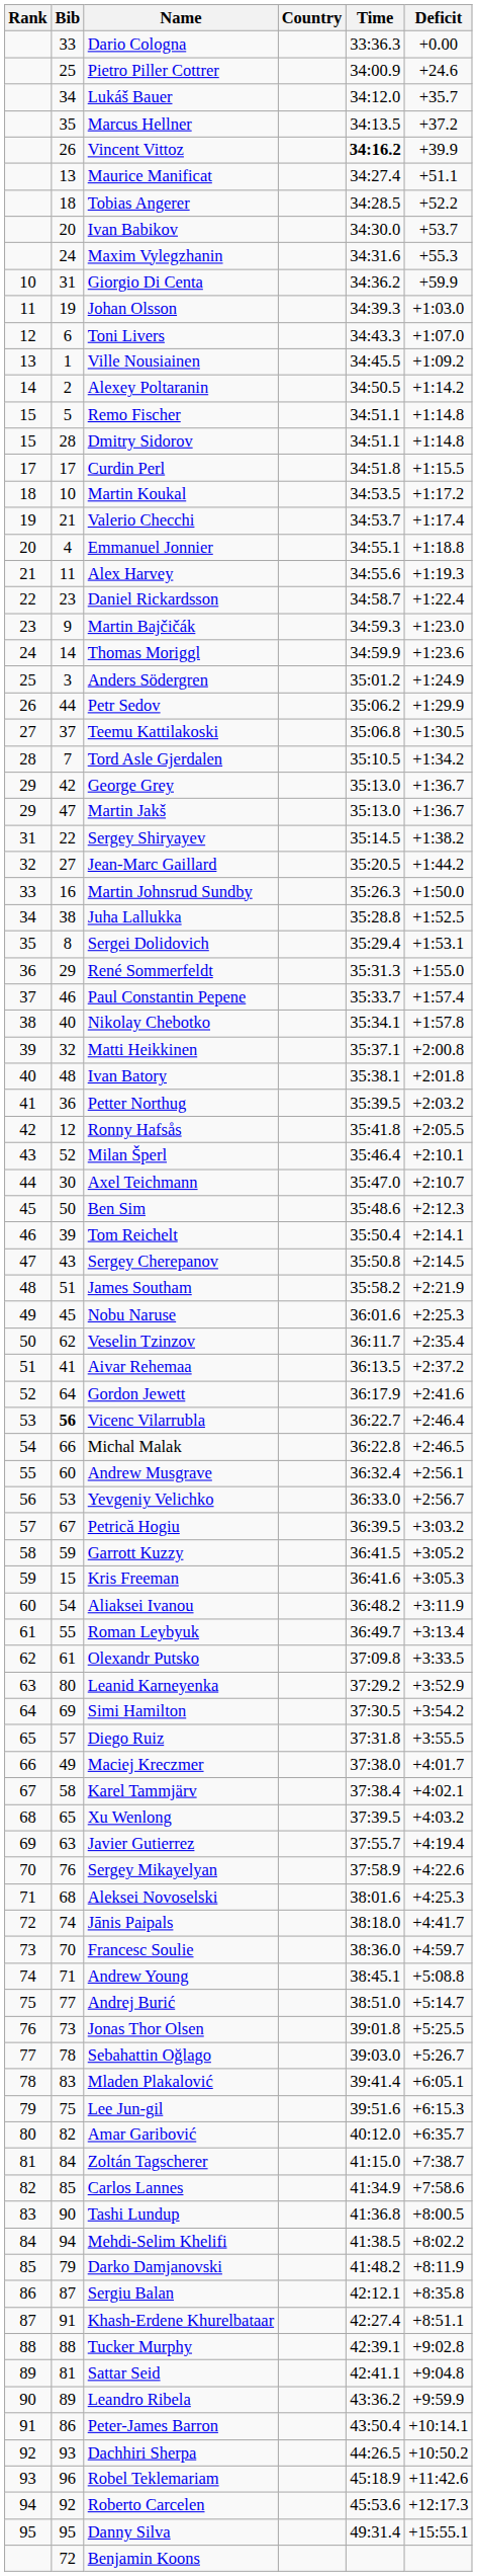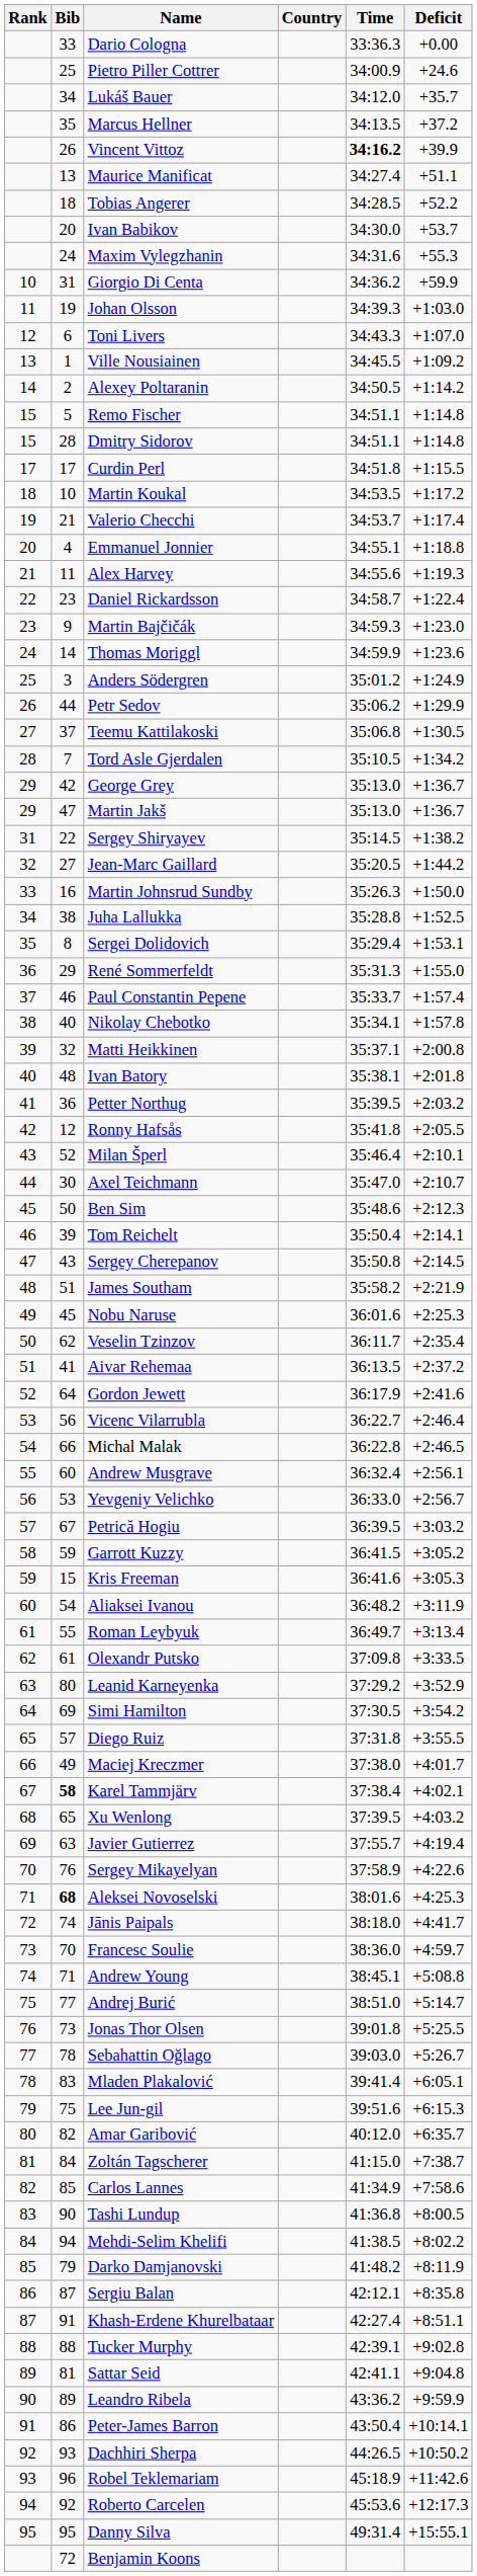 <table class="wikitable sortable" style="text-align:center">
 <tr>
 <th>Rank</th>
 <th>Bib</th>
 <th>Name</th>
 <th>Country</th>
 <th>Time</th>
 <th>Deficit</th>
 </tr>
 <tr>
 <td></td>
 <td>33</td>
 <td align="left"><a href='#'>Dario Cologna</a></td>
 <td align="left"></td>
 <td>33:36.3</td>
 <td>+0.00</td>
 </tr>
 <tr>
 <td></td>
 <td>25</td>
 <td align="left"><a href='#'>Pietro Piller Cottrer</a></td>
 <td align="left"></td>
 <td>34:00.9</td>
 <td>+24.6</td>
 </tr>
 <tr>
 <td></td>
 <td>34</td>
 <td align="left"><a href='#'>Lukáš Bauer</a></td>
 <td align="left"></td>
 <td>34:12.0</td>
 <td>+35.7</td>
 </tr>
 <tr>
 <td></td>
 <td>35</td>
 <td align="left"><a href='#'>Marcus Hellner</a></td>
 <td align="left"></td>
 <td>34:13.5</td>
 <td>+37.2</td>
 </tr>
 <tr>
 <td></td>
 <td>26</td>
 <td align="left"><a href='#'>Vincent Vittoz</a></td>
 <td align="left"></td>
 <td><strong>34:16.2</strong></td>
 <td>+39.9</td>
 </tr>
 <tr>
 <td></td>
 <td>13</td>
 <td align="left"><a href='#'>Maurice Manificat</a></td>
 <td align="left"></td>
 <td>34:27.4</td>
 <td>+51.1</td>
 </tr>
 <tr>
 <td></td>
 <td>18</td>
 <td align="left"><a href='#'>Tobias Angerer</a></td>
 <td align="left"></td>
 <td>34:28.5</td>
 <td>+52.2</td>
 </tr>
 <tr>
 <td></td>
 <td>20</td>
 <td align="left"><a href='#'>Ivan Babikov</a></td>
 <td align="left"></td>
 <td>34:30.0</td>
 <td>+53.7</td>
 </tr>
 <tr>
 <td></td>
 <td>24</td>
 <td align="left"><a href='#'>Maxim Vylegzhanin</a></td>
 <td align="left"></td>
 <td>34:31.6</td>
 <td>+55.3</td>
 </tr>
 <tr>
 <td>10</td>
 <td>31</td>
 <td align="left"><a href='#'>Giorgio Di Centa</a></td>
 <td align="left"></td>
 <td>34:36.2</td>
 <td>+59.9</td>
 </tr>
 <tr>
 <td>11</td>
 <td>19</td>
 <td align="left"><a href='#'>Johan Olsson</a></td>
 <td align="left"></td>
 <td>34:39.3</td>
 <td>+1:03.0</td>
 </tr>
 <tr>
 <td>12</td>
 <td>6</td>
 <td align="left"><a href='#'>Toni Livers</a></td>
 <td align="left"></td>
 <td>34:43.3</td>
 <td>+1:07.0</td>
 </tr>
 <tr>
 <td>13</td>
 <td>1</td>
 <td align="left"><a href='#'>Ville Nousiainen</a></td>
 <td align="left"></td>
 <td>34:45.5</td>
 <td>+1:09.2</td>
 </tr>
 <tr>
 <td>14</td>
 <td>2</td>
 <td align="left"><a href='#'>Alexey Poltaranin</a></td>
 <td align="left"></td>
 <td>34:50.5</td>
 <td>+1:14.2</td>
 </tr>
 <tr>
 <td>15</td>
 <td>5</td>
 <td align="left"><a href='#'>Remo Fischer</a></td>
 <td align="left"></td>
 <td>34:51.1</td>
 <td>+1:14.8</td>
 </tr>
 <tr>
 <td>15</td>
 <td>28</td>
 <td align="left"><a href='#'>Dmitry Sidorov</a></td>
 <td align="left"></td>
 <td>34:51.1</td>
 <td>+1:14.8</td>
 </tr>
 <tr>
 <td>17</td>
 <td>17</td>
 <td align="left"><a href='#'>Curdin Perl</a></td>
 <td align="left"></td>
 <td>34:51.8</td>
 <td>+1:15.5</td>
 </tr>
 <tr>
 <td>18</td>
 <td>10</td>
 <td align="left"><a href='#'>Martin Koukal</a></td>
 <td align="left"></td>
 <td>34:53.5</td>
 <td>+1:17.2</td>
 </tr>
 <tr>
 <td>19</td>
 <td>21</td>
 <td align="left"><a href='#'>Valerio Checchi</a></td>
 <td align="left"></td>
 <td>34:53.7</td>
 <td>+1:17.4</td>
 </tr>
 <tr>
 <td>20</td>
 <td>4</td>
 <td align="left"><a href='#'>Emmanuel Jonnier</a></td>
 <td align="left"></td>
 <td>34:55.1</td>
 <td>+1:18.8</td>
 </tr>
 <tr>
 <td>21</td>
 <td>11</td>
 <td align="left"><a href='#'>Alex Harvey</a></td>
 <td align="left"></td>
 <td>34:55.6</td>
 <td>+1:19.3</td>
 </tr>
 <tr>
 <td>22</td>
 <td>23</td>
 <td align="left"><a href='#'>Daniel Rickardsson</a></td>
 <td align="left"></td>
 <td>34:58.7</td>
 <td>+1:22.4</td>
 </tr>
 <tr>
 <td>23</td>
 <td>9</td>
 <td align="left"><a href='#'>Martin Bajčičák</a></td>
 <td align="left"></td>
 <td>34:59.3</td>
 <td>+1:23.0</td>
 </tr>
 <tr>
 <td>24</td>
 <td>14</td>
 <td align="left"><a href='#'>Thomas Moriggl</a></td>
 <td align="left"></td>
 <td>34:59.9</td>
 <td>+1:23.6</td>
 </tr>
 <tr>
 <td>25</td>
 <td>3</td>
 <td align="left"><a href='#'>Anders Södergren</a></td>
 <td align="left"></td>
 <td>35:01.2</td>
 <td>+1:24.9</td>
 </tr>
 <tr>
 <td>26</td>
 <td>44</td>
 <td align="left"><a href='#'>Petr Sedov</a></td>
 <td align="left"></td>
 <td>35:06.2</td>
 <td>+1:29.9</td>
 </tr>
 <tr>
 <td>27</td>
 <td>37</td>
 <td align="left"><a href='#'>Teemu Kattilakoski</a></td>
 <td align="left"></td>
 <td>35:06.8</td>
 <td>+1:30.5</td>
 </tr>
 <tr>
 <td>28</td>
 <td>7</td>
 <td align="left"><a href='#'>Tord Asle Gjerdalen</a></td>
 <td align="left"></td>
 <td>35:10.5</td>
 <td>+1:34.2</td>
 </tr>
 <tr>
 <td>29</td>
 <td>42</td>
 <td align="left"><a href='#'>George Grey</a></td>
 <td align="left"></td>
 <td>35:13.0</td>
 <td>+1:36.7</td>
 </tr>
 <tr>
 <td>29</td>
 <td>47</td>
 <td align="left"><a href='#'>Martin Jakš</a></td>
 <td align="left"></td>
 <td>35:13.0</td>
 <td>+1:36.7</td>
 </tr>
 <tr>
 <td>31</td>
 <td>22</td>
 <td align="left"><a href='#'>Sergey Shiryayev</a></td>
 <td align="left"></td>
 <td>35:14.5</td>
 <td>+1:38.2</td>
 </tr>
 <tr>
 <td>32</td>
 <td>27</td>
 <td align="left"><a href='#'>Jean-Marc Gaillard</a></td>
 <td align="left"></td>
 <td>35:20.5</td>
 <td>+1:44.2</td>
 </tr>
 <tr>
 <td>33</td>
 <td>16</td>
 <td align="left"><a href='#'>Martin Johnsrud Sundby</a></td>
 <td align="left"></td>
 <td>35:26.3</td>
 <td>+1:50.0</td>
 </tr>
 <tr>
 <td>34</td>
 <td>38</td>
 <td align="left"><a href='#'>Juha Lallukka</a></td>
 <td align="left"></td>
 <td>35:28.8</td>
 <td>+1:52.5</td>
 </tr>
 <tr>
 <td>35</td>
 <td>8</td>
 <td align="left"><a href='#'>Sergei Dolidovich</a></td>
 <td align="left"></td>
 <td>35:29.4</td>
 <td>+1:53.1</td>
 </tr>
 <tr>
 <td>36</td>
 <td>29</td>
 <td align="left"><a href='#'>René Sommerfeldt</a></td>
 <td align="left"></td>
 <td>35:31.3</td>
 <td>+1:55.0</td>
 </tr>
 <tr>
 <td>37</td>
 <td>46</td>
 <td align="left"><a href='#'>Paul Constantin Pepene</a></td>
 <td align="left"></td>
 <td>35:33.7</td>
 <td>+1:57.4</td>
 </tr>
 <tr>
 <td>38</td>
 <td>40</td>
 <td align="left"><a href='#'>Nikolay Chebotko</a></td>
 <td align="left"></td>
 <td>35:34.1</td>
 <td>+1:57.8</td>
 </tr>
 <tr>
 <td>39</td>
 <td>32</td>
 <td align="left"><a href='#'>Matti Heikkinen</a></td>
 <td align="left"></td>
 <td>35:37.1</td>
 <td>+2:00.8</td>
 </tr>
 <tr>
 <td>40</td>
 <td>48</td>
 <td align="left"><a href='#'>Ivan Batory</a></td>
 <td align="left"></td>
 <td>35:38.1</td>
 <td>+2:01.8</td>
 </tr>
 <tr>
 <td>41</td>
 <td>36</td>
 <td align="left"><a href='#'>Petter Northug</a></td>
 <td align="left"></td>
 <td>35:39.5</td>
 <td>+2:03.2</td>
 </tr>
 <tr>
 <td>42</td>
 <td>12</td>
 <td align="left"><a href='#'>Ronny Hafsås</a></td>
 <td align="left"></td>
 <td>35:41.8</td>
 <td>+2:05.5</td>
 </tr>
 <tr>
 <td>43</td>
 <td>52</td>
 <td align="left"><a href='#'>Milan Šperl</a></td>
 <td align="left"></td>
 <td>35:46.4</td>
 <td>+2:10.1</td>
 </tr>
 <tr>
 <td>44</td>
 <td>30</td>
 <td align="left"><a href='#'>Axel Teichmann</a></td>
 <td align="left"></td>
 <td>35:47.0</td>
 <td>+2:10.7</td>
 </tr>
 <tr>
 <td>45</td>
 <td>50</td>
 <td align="left"><a href='#'>Ben Sim</a></td>
 <td align="left"></td>
 <td>35:48.6</td>
 <td>+2:12.3</td>
 </tr>
 <tr>
 <td>46</td>
 <td>39</td>
 <td align="left"><a href='#'>Tom Reichelt</a></td>
 <td align="left"></td>
 <td>35:50.4</td>
 <td>+2:14.1</td>
 </tr>
 <tr>
 <td>47</td>
 <td>43</td>
 <td align="left"><a href='#'>Sergey Cherepanov</a></td>
 <td align="left"></td>
 <td>35:50.8</td>
 <td>+2:14.5</td>
 </tr>
 <tr>
 <td>48</td>
 <td>51</td>
 <td align="left"><a href='#'>James Southam</a></td>
 <td align="left"></td>
 <td>35:58.2</td>
 <td>+2:21.9</td>
 </tr>
 <tr>
 <td>49</td>
 <td>45</td>
 <td align="left"><a href='#'>Nobu Naruse</a></td>
 <td align="left"></td>
 <td>36:01.6</td>
 <td>+2:25.3</td>
 </tr>
 <tr>
 <td>50</td>
 <td>62</td>
 <td align="left"><a href='#'>Veselin Tzinzov</a></td>
 <td align="left"></td>
 <td>36:11.7</td>
 <td>+2:35.4</td>
 </tr>
 <tr>
 <td>51</td>
 <td>41</td>
 <td align="left"><a href='#'>Aivar Rehemaa</a></td>
 <td align="left"></td>
 <td>36:13.5</td>
 <td>+2:37.2</td>
 </tr>
 <tr>
 <td>52</td>
 <td>64</td>
 <td align="left"><a href='#'>Gordon Jewett</a></td>
 <td align="left"></td>
 <td>36:17.9</td>
 <td>+2:41.6</td>
 </tr>
 <tr>
 <td>53</td>
-<td><strong>56</strong></td>
+<td>56</td>
 <td align="left"><a href='#'>Vicenc Vilarrubla</a></td>
 <td align="left"></td>
 <td>36:22.7</td>
 <td>+2:46.4</td>
 </tr>
 <tr>
 <td>54</td>
 <td>66</td>
 <td align="left">Michal Malak</td>
 <td align="left"></td>
 <td>36:22.8</td>
 <td>+2:46.5</td>
 </tr>
 <tr>
 <td>55</td>
 <td>60</td>
 <td align="left"><a href='#'>Andrew Musgrave</a></td>
 <td align="left"></td>
 <td>36:32.4</td>
 <td>+2:56.1</td>
 </tr>
 <tr>
 <td>56</td>
 <td>53</td>
 <td align="left"><a href='#'>Yevgeniy Velichko</a></td>
 <td align="left"></td>
 <td>36:33.0</td>
 <td>+2:56.7</td>
 </tr>
 <tr>
 <td>57</td>
 <td>67</td>
 <td align="left"><a href='#'>Petrică Hogiu</a></td>
 <td align="left"></td>
 <td>36:39.5</td>
 <td>+3:03.2</td>
 </tr>
 <tr>
 <td>58</td>
 <td>59</td>
 <td align="left"><a href='#'>Garrott Kuzzy</a></td>
 <td align="left"></td>
 <td>36:41.5</td>
 <td>+3:05.2</td>
 </tr>
 <tr>
 <td>59</td>
 <td>15</td>
 <td align="left"><a href='#'>Kris Freeman</a></td>
 <td align="left"></td>
 <td>36:41.6</td>
 <td>+3:05.3</td>
 </tr>
 <tr>
 <td>60</td>
 <td>54</td>
 <td align="left"><a href='#'>Aliaksei Ivanou</a></td>
 <td align="left"></td>
 <td>36:48.2</td>
 <td>+3:11.9</td>
 </tr>
 <tr>
 <td>61</td>
 <td>55</td>
 <td align="left"><a href='#'>Roman Leybyuk</a></td>
 <td align="left"></td>
 <td>36:49.7</td>
 <td>+3:13.4</td>
 </tr>
 <tr>
 <td>62</td>
 <td>61</td>
 <td align="left"><a href='#'>Olexandr Putsko</a></td>
 <td align="left"></td>
 <td>37:09.8</td>
 <td>+3:33.5</td>
 </tr>
 <tr>
 <td>63</td>
 <td>80</td>
 <td align="left"><a href='#'>Leanid Karneyenka</a></td>
 <td align="left"></td>
 <td>37:29.2</td>
 <td>+3:52.9</td>
 </tr>
 <tr>
 <td>64</td>
 <td>69</td>
 <td align="left"><a href='#'>Simi Hamilton</a></td>
 <td align="left"></td>
 <td>37:30.5</td>
 <td>+3:54.2</td>
 </tr>
 <tr>
 <td>65</td>
 <td>57</td>
 <td align="left"><a href='#'>Diego Ruiz</a></td>
 <td align="left"></td>
 <td>37:31.8</td>
 <td>+3:55.5</td>
 </tr>
 <tr>
 <td>66</td>
 <td>49</td>
 <td align="left"><a href='#'>Maciej Kreczmer</a></td>
 <td align="left"></td>
 <td>37:38.0</td>
 <td>+4:01.7</td>
 </tr>
 <tr>
 <td>67</td>
-<td>58</td>
+<td><strong>58</strong></td>
 <td align="left"><a href='#'>Karel Tammjärv</a></td>
 <td align="left"></td>
 <td>37:38.4</td>
 <td>+4:02.1</td>
 </tr>
 <tr>
 <td>68</td>
 <td>65</td>
 <td align="left"><a href='#'>Xu Wenlong</a></td>
 <td align="left"></td>
 <td>37:39.5</td>
 <td>+4:03.2</td>
 </tr>
 <tr>
 <td>69</td>
 <td>63</td>
 <td align="left"><a href='#'>Javier Gutierrez</a></td>
 <td align="left"></td>
 <td>37:55.7</td>
 <td>+4:19.4</td>
 </tr>
 <tr>
 <td>70</td>
 <td>76</td>
 <td align="left"><a href='#'>Sergey Mikayelyan</a></td>
 <td align="left"></td>
 <td>37:58.9</td>
 <td>+4:22.6</td>
 </tr>
 <tr>
 <td>71</td>
-<td>68</td>
+<td><strong>68</strong></td>
 <td align="left"><a href='#'>Aleksei Novoselski</a></td>
 <td align="left"></td>
 <td>38:01.6</td>
 <td>+4:25.3</td>
 </tr>
 <tr>
 <td>72</td>
 <td>74</td>
 <td align="left"><a href='#'>Jānis Paipals</a></td>
 <td align="left"></td>
 <td>38:18.0</td>
 <td>+4:41.7</td>
 </tr>
 <tr>
 <td>73</td>
 <td>70</td>
 <td align="left"><a href='#'>Francesc Soulie</a></td>
 <td align="left"></td>
 <td>38:36.0</td>
 <td>+4:59.7</td>
 </tr>
 <tr>
 <td>74</td>
 <td>71</td>
 <td align="left"><a href='#'>Andrew Young</a></td>
 <td align="left"></td>
 <td>38:45.1</td>
 <td>+5:08.8</td>
 </tr>
 <tr>
 <td>75</td>
 <td>77</td>
 <td align="left"><a href='#'>Andrej Burić</a></td>
 <td align="left"></td>
 <td>38:51.0</td>
 <td>+5:14.7</td>
 </tr>
 <tr>
 <td>76</td>
 <td>73</td>
 <td align="left"><a href='#'>Jonas Thor Olsen</a></td>
 <td align="left"></td>
 <td>39:01.8</td>
 <td>+5:25.5</td>
 </tr>
 <tr>
 <td>77</td>
 <td>78</td>
 <td align="left"><a href='#'>Sebahattin Oğlago</a></td>
 <td align="left"></td>
 <td>39:03.0</td>
 <td>+5:26.7</td>
 </tr>
 <tr>
 <td>78</td>
 <td>83</td>
 <td align="left"><a href='#'>Mladen Plakalović</a></td>
 <td align="left"></td>
 <td>39:41.4</td>
 <td>+6:05.1</td>
 </tr>
 <tr>
 <td>79</td>
 <td>75</td>
 <td align="left"><a href='#'>Lee Jun-gil</a></td>
 <td align="left"></td>
 <td>39:51.6</td>
 <td>+6:15.3</td>
 </tr>
 <tr>
 <td>80</td>
 <td>82</td>
 <td align="left"><a href='#'>Amar Garibović</a></td>
 <td align="left"></td>
 <td>40:12.0</td>
 <td>+6:35.7</td>
 </tr>
 <tr>
 <td>81</td>
 <td>84</td>
 <td align="left"><a href='#'>Zoltán Tagscherer</a></td>
 <td align="left"></td>
 <td>41:15.0</td>
 <td>+7:38.7</td>
 </tr>
 <tr>
 <td>82</td>
 <td>85</td>
 <td align="left"><a href='#'>Carlos Lannes</a></td>
 <td align="left"></td>
 <td>41:34.9</td>
 <td>+7:58.6</td>
 </tr>
 <tr>
 <td>83</td>
 <td>90</td>
 <td align="left"><a href='#'>Tashi Lundup</a></td>
 <td align="left"></td>
 <td>41:36.8</td>
 <td>+8:00.5</td>
 </tr>
 <tr>
 <td>84</td>
 <td>94</td>
 <td align="left"><a href='#'>Mehdi-Selim Khelifi</a></td>
 <td align="left"></td>
 <td>41:38.5</td>
 <td>+8:02.2</td>
 </tr>
 <tr>
 <td>85</td>
 <td>79</td>
 <td align="left"><a href='#'>Darko Damjanovski</a></td>
 <td align="left"></td>
 <td>41:48.2</td>
 <td>+8:11.9</td>
 </tr>
 <tr>
 <td>86</td>
 <td>87</td>
 <td align="left"><a href='#'>Sergiu Balan</a></td>
 <td align="left"></td>
 <td>42:12.1</td>
 <td>+8:35.8</td>
 </tr>
 <tr>
 <td>87</td>
 <td>91</td>
 <td align="left"><a href='#'>Khash-Erdene Khurelbataar</a></td>
 <td align="left"></td>
 <td>42:27.4</td>
 <td>+8:51.1</td>
 </tr>
 <tr>
 <td>88</td>
 <td>88</td>
 <td align="left"><a href='#'>Tucker Murphy</a></td>
 <td align="left"></td>
 <td>42:39.1</td>
 <td>+9:02.8</td>
 </tr>
 <tr>
 <td>89</td>
 <td>81</td>
 <td align="left"><a href='#'>Sattar Seid</a></td>
 <td align="left"></td>
 <td>42:41.1</td>
 <td>+9:04.8</td>
 </tr>
 <tr>
 <td>90</td>
 <td>89</td>
 <td align="left"><a href='#'>Leandro Ribela</a></td>
 <td align="left"></td>
 <td>43:36.2</td>
 <td>+9:59.9</td>
 </tr>
 <tr>
 <td>91</td>
 <td>86</td>
 <td align="left"><a href='#'>Peter-James Barron</a></td>
 <td align="left"></td>
 <td>43:50.4</td>
 <td>+10:14.1</td>
 </tr>
 <tr>
 <td>92</td>
 <td>93</td>
 <td align="left"><a href='#'>Dachhiri Sherpa</a></td>
 <td align="left"></td>
 <td>44:26.5</td>
 <td>+10:50.2</td>
 </tr>
 <tr>
 <td>93</td>
 <td>96</td>
 <td align="left"><a href='#'>Robel Teklemariam</a></td>
 <td align="left"></td>
 <td>45:18.9</td>
 <td>+11:42.6</td>
 </tr>
 <tr>
 <td>94</td>
 <td>92</td>
 <td align="left"><a href='#'>Roberto Carcelen</a></td>
 <td align="left"></td>
 <td>45:53.6</td>
 <td>+12:17.3</td>
 </tr>
 <tr>
 <td>95</td>
 <td>95</td>
 <td align="left"><a href='#'>Danny Silva</a></td>
 <td align="left"></td>
 <td>49:31.4</td>
 <td>+15:55.1</td>
 </tr>
 <tr>
 <td></td>
 <td>72</td>
 <td align="left"><a href='#'>Benjamin Koons</a></td>
 <td align="left"></td>
 <td></td>
 <td></td>
 </tr>
 </table>
